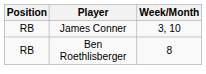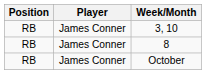 <table class="wikitable" style="width: 35%; text-align:center">
 <tr>
 <th>Position</th>
 <th>Player</th>
 <th>Week/Month</th>
 </tr>
 <tr>
 <td>RB</td>
 <td>James Conner</td>
 <td>3, 10</td>
 </tr>
 <tr>
 <td>RB</td>
-<td>Ben Roethlisberger</td>
+<td>James Conner</td>
 <td>8</td>
 </tr>
+<tr>
+<td>RB</td>
+<td>James Conner</td>
+<td>October</td>
+</tr>
 </table>
